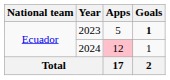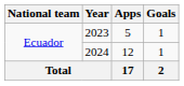 <table class="wikitable" style="text-align:center">
 <tr>
 <th>National team</th>
 <th>Year</th>
 <th>Apps</th>
 <th>Goals</th>
 </tr>
 <tr>
 <td rowspan=2><a href='#'>Ecuador</a></td>
 <td>2023</td>
 <td>5</td>
-<td><strong>1</strong></td>
+<td>1</td>
 </tr>
 <tr>
 <td>2024</td>
-<td style="background: pink;">12</td>
+<td>12</td>
 <td>1</td>
 </tr>
 <tr>
 <th colspan=2>Total</th>
 <th>17</th>
 <th>2</th>
 </tr>
 </table>
